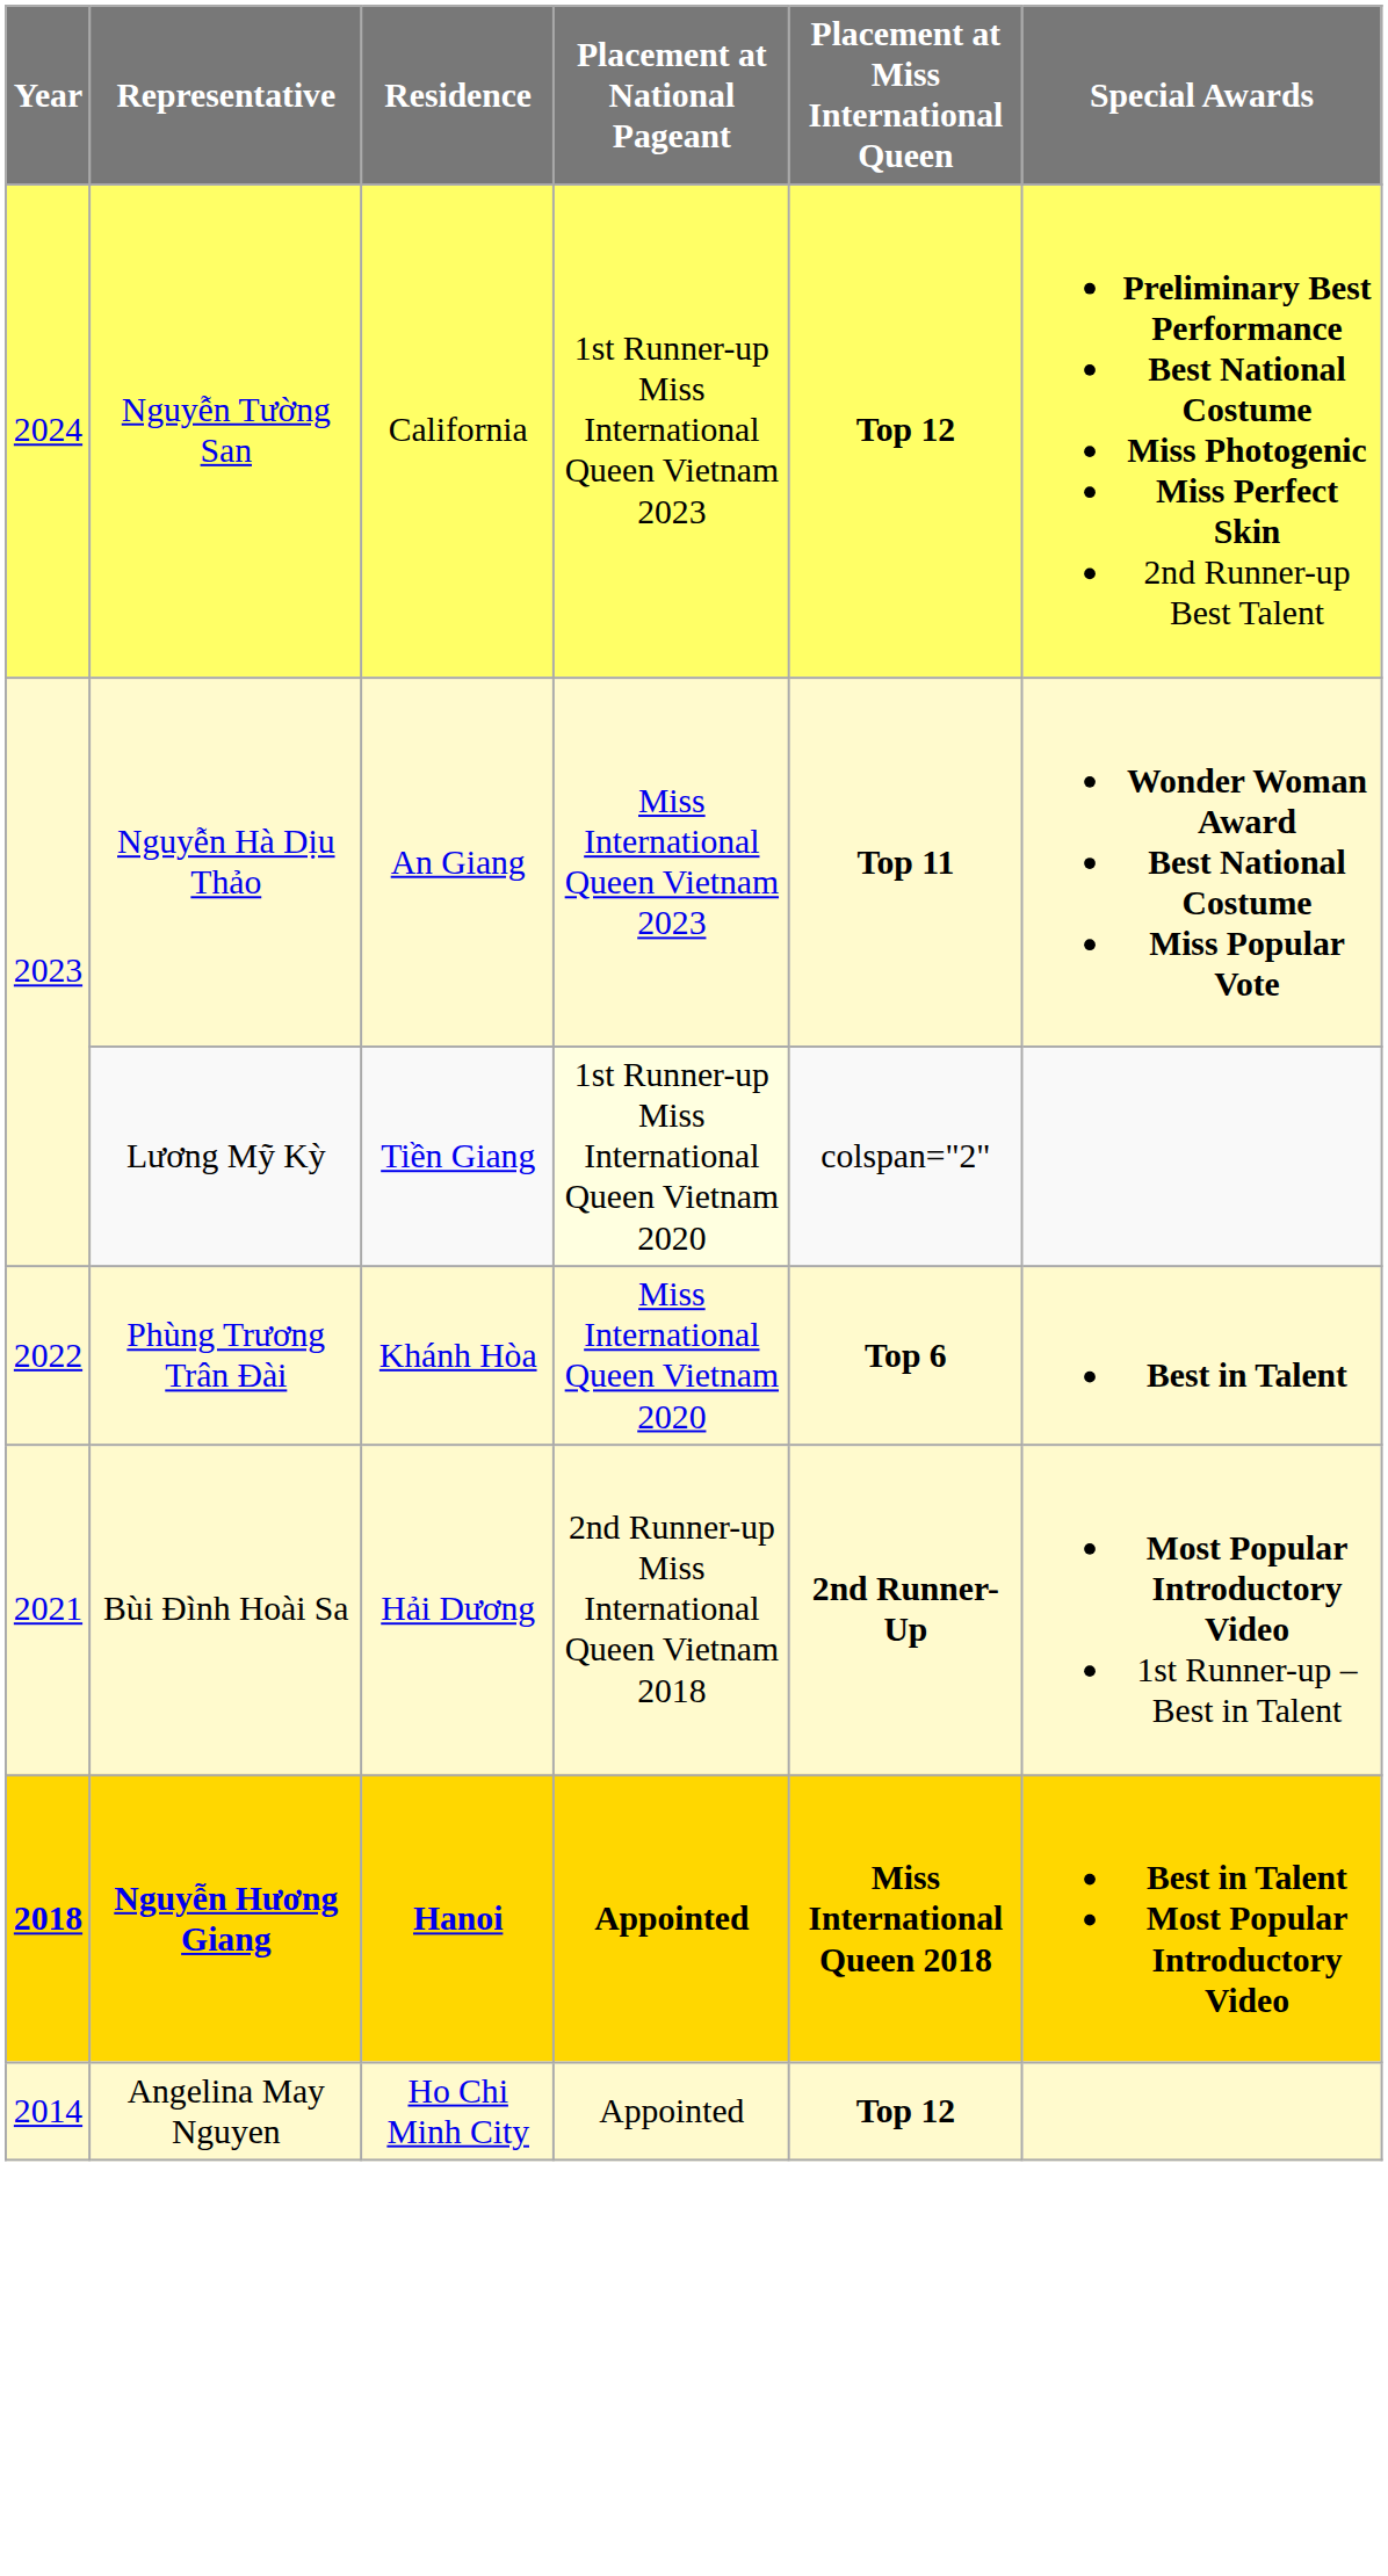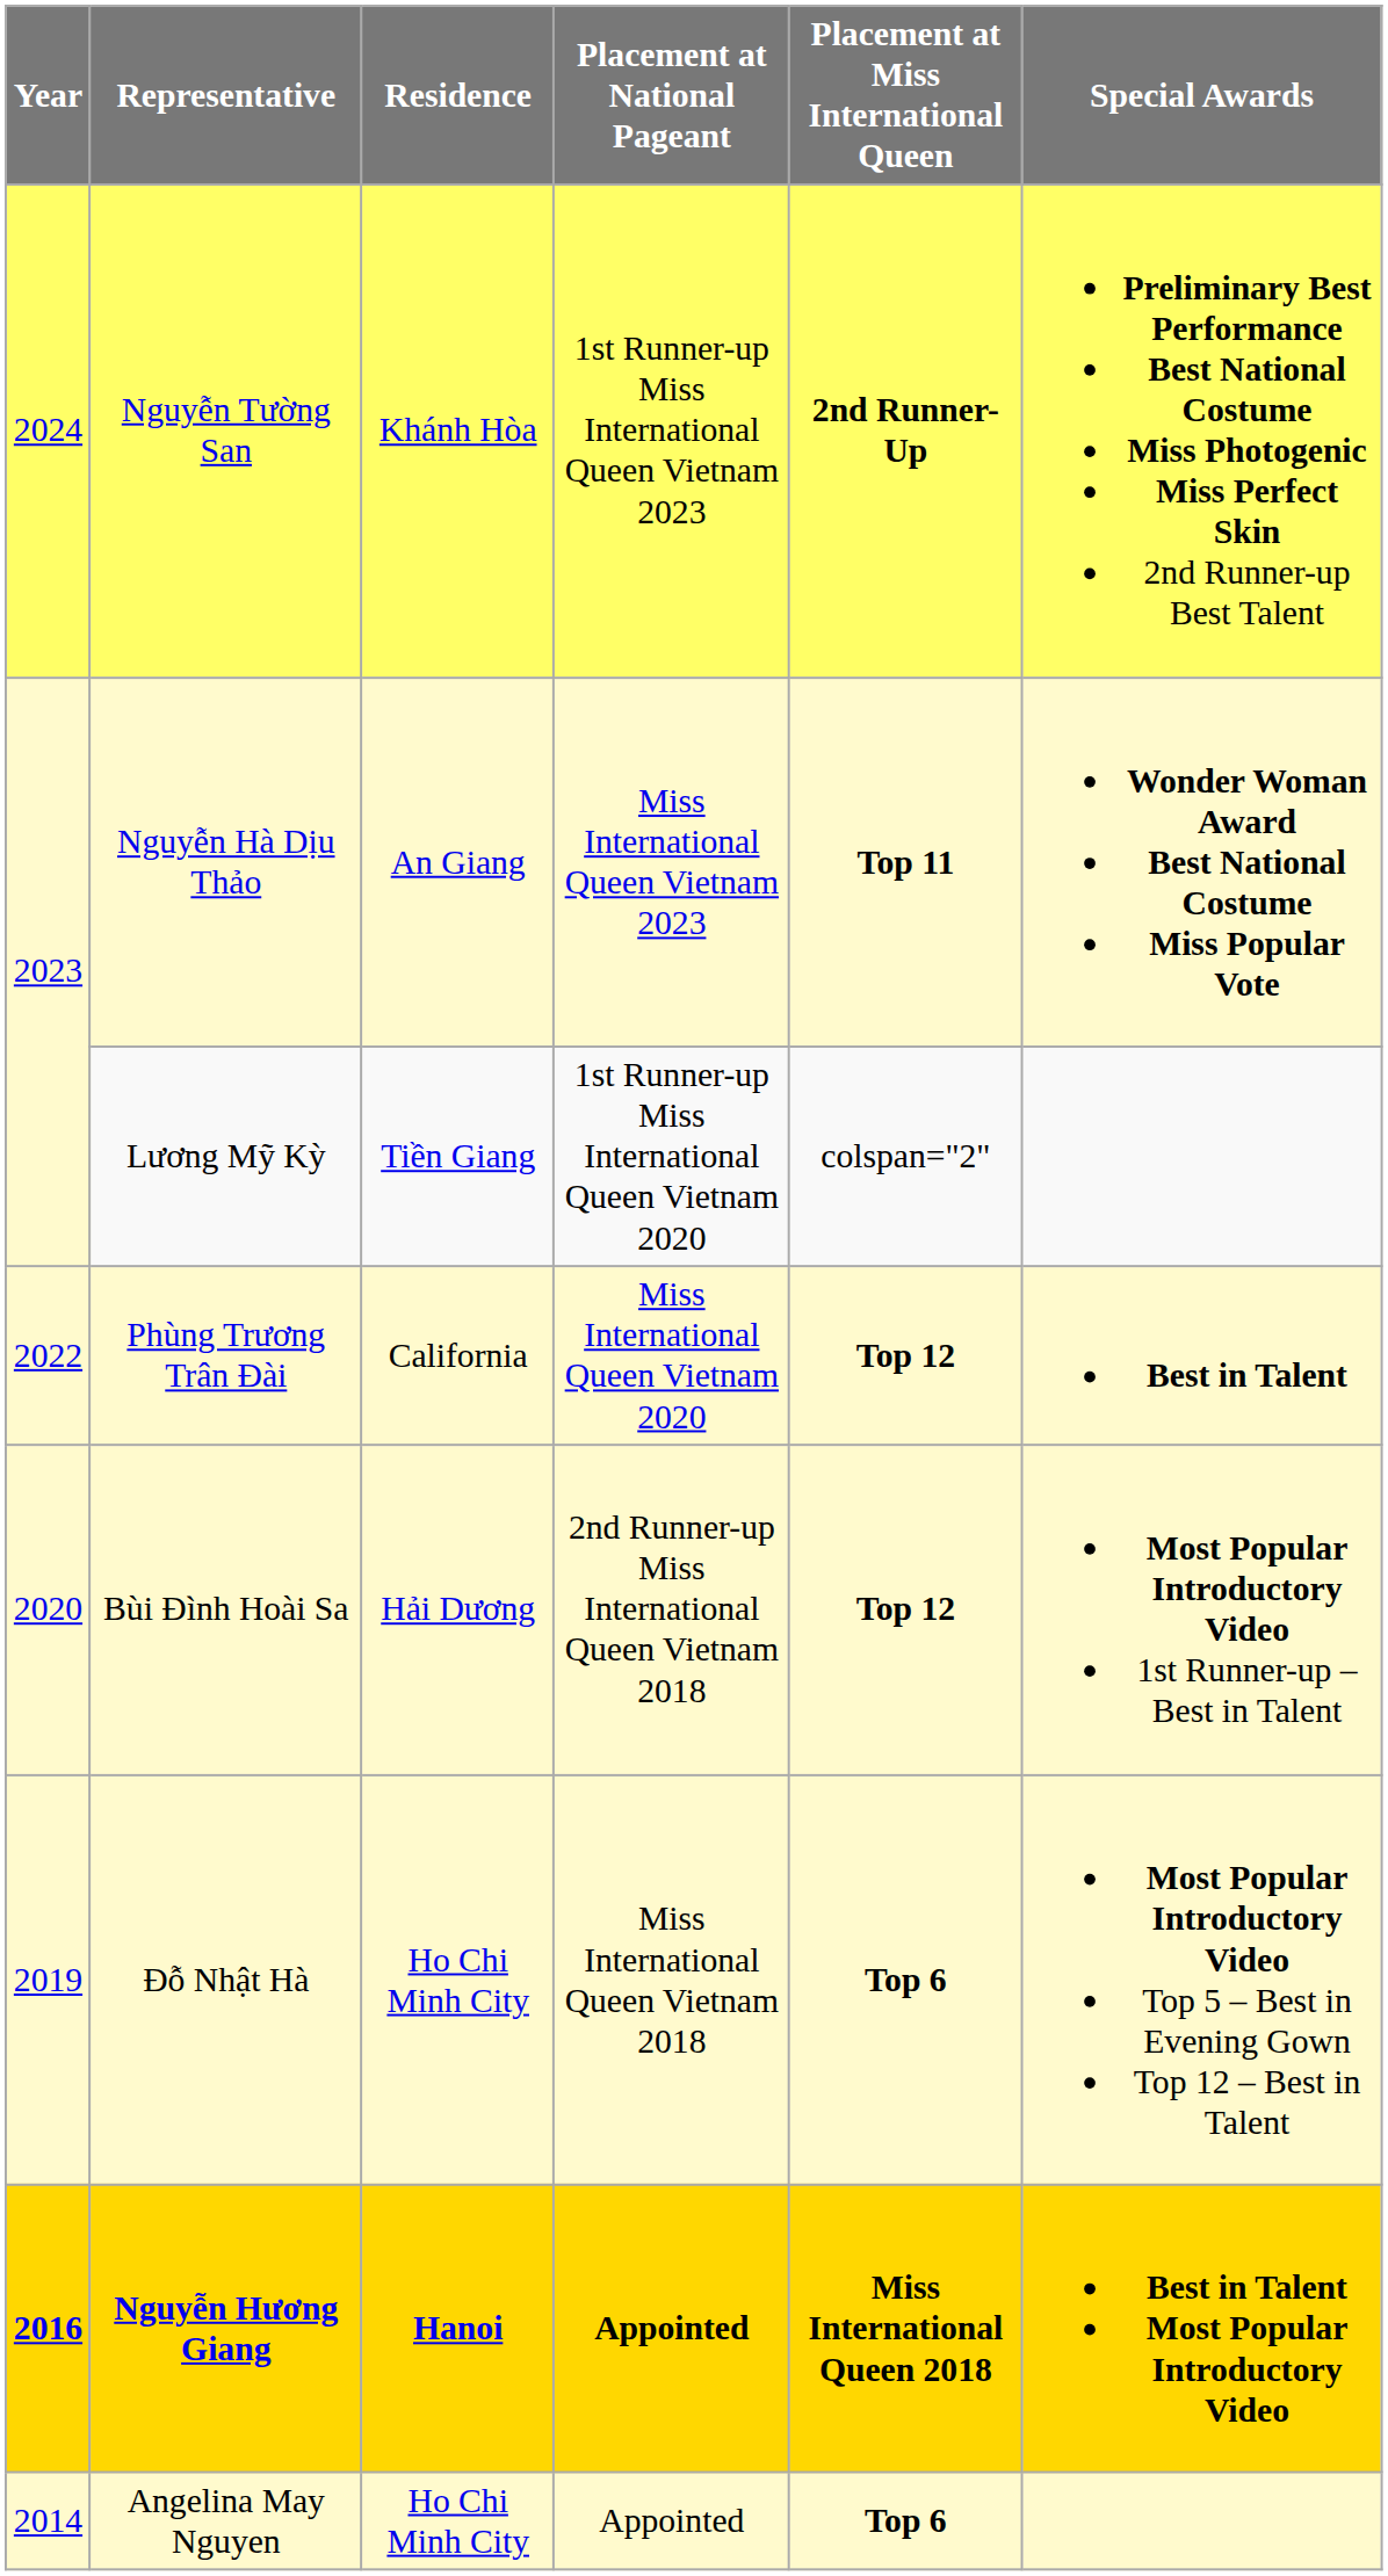 <table class="wikitable sortable" style="font-size: 95%; text-align:center">
 <tr>
 <th width="30" style="background-color:#787878;color:#FFFFFF;">Year</th>
 <th width="200" style="background-color:#787878;color:#FFFFFF;">Representative</th>
 <th width="150" style="background-color:#787878;color:#FFFFFF;">Residence</th>
 <th width="200" style="background-color:#787878;color:#FFFFFF;">Placement at National Pageant</th>
 <th width="150" style="background-color:#787878;color:#FFFFFF;">Placement at Miss International Queen</th>
 <th width="300" style="background-color:#787878;color:#FFFFFF;">Special Awards</th>
 </tr>
 <tr style="background-color:#FFFF66;">
 <td><a href='#'>2024</a></td>
 <td><a href='#'>Nguyễn Tường San</a></td>
-<td>California</td>
+<td><a href='#'>Khánh Hòa</a></td>
 <td>1st Runner-up Miss International Queen Vietnam 2023</td>
-<td><strong>Top 12</strong></td>
+<td><strong>2nd Runner-Up</strong></td>
 <td><br><ul><li><strong>Preliminary Best Performance</strong></li><li><strong>Best National Costume</strong></li><li><strong>Miss Photogenic</strong></li><li><strong>Miss Perfect Skin</strong></li><li>2nd Runner-up Best Talent</li></ul></td>
 </tr>
 <tr style="background-color:#FFFACD;">
 <td rowspan="2"><a href='#'>2023</a></td>
 <td><a href='#'>Nguyễn Hà Dịu Thảo</a></td>
 <td><a href='#'>An Giang</a></td>
 <td><a href='#'>Miss International Queen Vietnam 2023</a></td>
 <td><strong>Top 11</strong></td>
 <td><br><ul><li><strong>Wonder Woman Award</strong></li><li><strong>Best National Costume</strong></li><li><strong>Miss Popular Vote</strong></li></ul></td>
 </tr>
 <tr>
 <td>Lương Mỹ Kỳ</td>
 <td><a href='#'>Tiền Giang</a></td>
-<td style="background: lightyellow;">1st Runner-up Miss International Queen Vietnam 2020</td>
+<td>1st Runner-up Miss International Queen Vietnam 2020</td>
 <td>colspan="2" </td>
 </tr>
 <tr style="background-color:#FFFACD;">
 <td><a href='#'>2022</a></td>
 <td><a href='#'>Phùng Trương Trân Đài</a></td>
-<td><a href='#'>Khánh Hòa</a></td>
+<td>California</td>
 <td><a href='#'>Miss International Queen Vietnam 2020</a></td>
-<td><strong>Top 6</strong></td>
+<td><strong>Top 12</strong></td>
 <td><br><ul><li><strong>Best in Talent</strong></li></ul></td>
 </tr>
 <tr style="background-color:#FFFACD;">
-<td><a href='#'>2021</a></td>
+<td><a href='#'>2020</a></td>
 <td>Bùi Đình Hoài Sa</td>
 <td><a href='#'>Hải Dương</a></td>
 <td>2nd Runner-up Miss International Queen Vietnam 2018</td>
-<td><strong>2nd Runner-Up</strong></td>
+<td><strong>Top 12</strong></td>
 <td><br><ul><li><strong>Most Popular Introductory Video</strong></li><li>1st Runner-up – Best in Talent</li></ul></td>
 </tr>
+<tr style="background-color:#FFFACD;">
+<td><a href='#'>2019</a></td>
+<td>Đỗ Nhật Hà</td>
+<td><a href='#'>Ho Chi Minh City</a></td>
+<td>Miss International Queen Vietnam 2018</td>
+<td><strong>Top 6</strong></td>
+<td><br><ul><li><strong>Most Popular Introductory Video</strong></li><li>Top 5 – Best in Evening Gown</li><li>Top 12 – Best in Talent</li></ul></td>
+</tr>
 <tr style="background-color:gold;">
-<td><strong><a href='#'>2018</a></strong></td>
+<td><strong><a href='#'>2016</a></strong></td>
 <td><strong><a href='#'>Nguyễn Hương Giang</a></strong></td>
 <td><strong><a href='#'>Hanoi</a></strong></td>
 <td><strong>Appointed</strong></td>
 <td><strong>Miss International Queen 2018</strong></td>
 <td><br><ul><li><strong>Best in Talent</strong></li><li><strong>Most Popular Introductory Video</strong></li></ul></td>
 </tr>
 <tr style="background-color:#FFFACD;">
 <td><a href='#'>2014</a></td>
 <td>Angelina May Nguyen</td>
 <td><a href='#'>Ho Chi Minh City</a></td>
 <td>Appointed</td>
-<td><strong>Top 12</strong></td>
+<td><strong>Top 6</strong></td>
 <td></td>
 </tr>
 </table>
